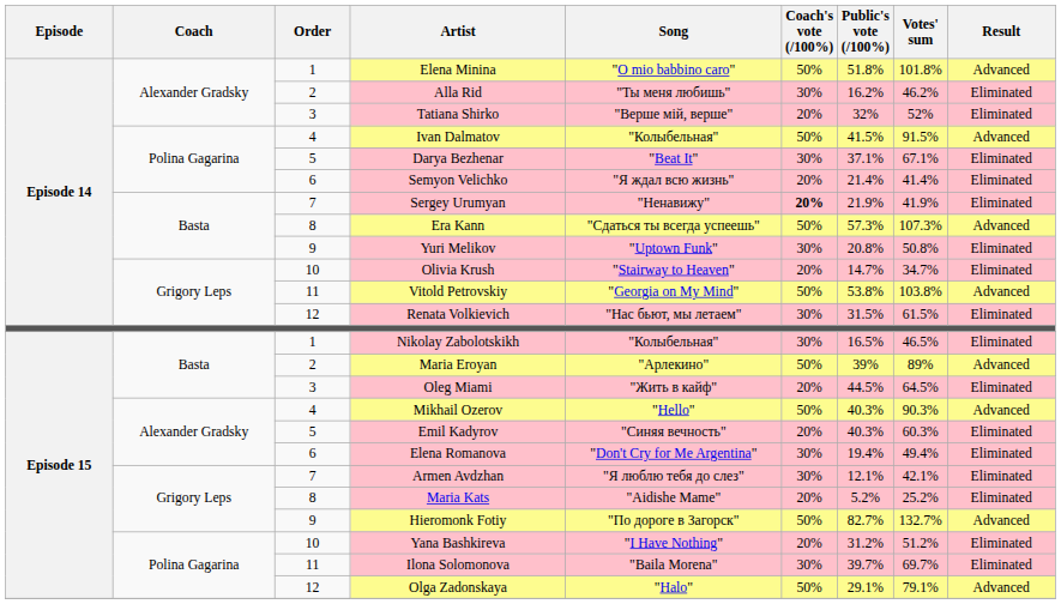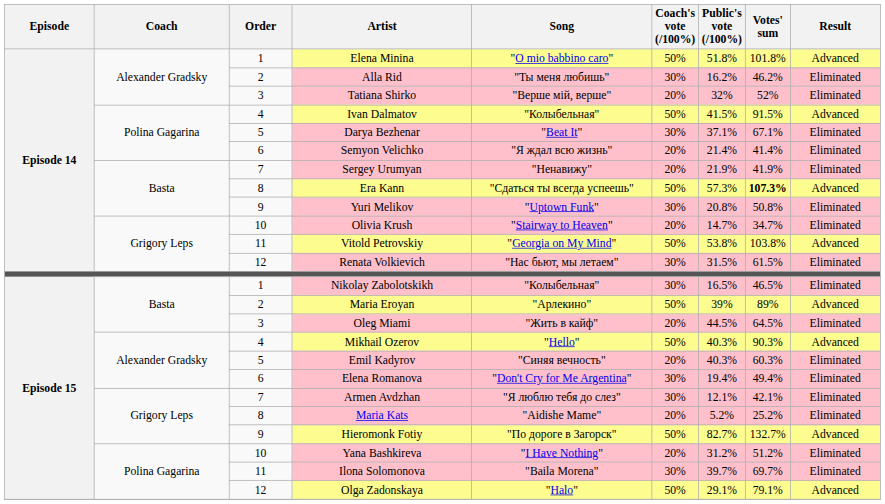 <table class="wikitable" style="text-align:center; width:95%;">
 <tr>
 <th style="width:10%;">Episode</th>
 <th style="width:15%;">Coach</th>
 <th style="width:7%;">Order</th>
 <th style="width:20%;">Artist</th>
 <th style="width:20%;">Song</th>
 <th style="width:5%;">Coach's vote (/100%)</th>
 <th style="width:5%;">Public's vote (/100%)</th>
 <th style="width:5%;">Votes' sum</th>
 <th style="width:10%;">Result</th>
 </tr>
 <tr>
 <th rowspan=12><strong>Episode 14</strong> <br><small></small></th>
 <td rowspan="3">Alexander Gradsky</td>
 <td>1</td>
 <td style="background:#fdfc8f;">Elena Minina</td>
 <td style="background:#fdfc8f;">"<a href='#'>O mio babbino caro</a>"</td>
 <td style="background:#fdfc8f;">50%</td>
 <td style="background:#fdfc8f;">51.8%</td>
 <td style="background:#fdfc8f;">101.8%</td>
 <td style="background:#fdfc8f;">Advanced</td>
 </tr>
 <tr>
 <td>2</td>
 <td style="background:pink;">Alla Rid</td>
 <td style="background:pink;">"Ты меня любишь"</td>
 <td style="background:pink;">30%</td>
 <td style="background:pink;">16.2%</td>
 <td style="background:pink;">46.2%</td>
 <td style="background:pink;">Eliminated</td>
 </tr>
 <tr>
 <td>3</td>
 <td style="background:pink;">Tatiana Shirko</td>
 <td style="background:pink;">"Верше мiй, верше"</td>
 <td style="background:pink;">20%</td>
 <td style="background:pink;">32%</td>
 <td style="background:pink;">52%</td>
 <td style="background:pink;">Eliminated</td>
 </tr>
 <tr>
 <td rowspan="3">Polina Gagarina</td>
 <td>4</td>
 <td style="background:#fdfc8f;">Ivan Dalmatov</td>
 <td style="background:#fdfc8f;">"Колыбельная"</td>
 <td style="background:#fdfc8f;">50%</td>
 <td style="background:#fdfc8f;">41.5%</td>
 <td style="background:#fdfc8f;">91.5%</td>
 <td style="background:#fdfc8f;">Advanced</td>
 </tr>
 <tr>
 <td>5</td>
 <td style="background:pink;">Darya Bezhenar</td>
 <td style="background:pink;">"<a href='#'>Beat It</a>"</td>
 <td style="background:pink;">30%</td>
 <td style="background:pink;">37.1%</td>
 <td style="background:pink;">67.1%</td>
 <td style="background:pink;">Eliminated</td>
 </tr>
 <tr>
 <td>6</td>
 <td style="background:pink;">Semyon Velichko</td>
 <td style="background:pink;">"Я ждал всю жизнь"</td>
 <td style="background:pink;">20%</td>
 <td style="background:pink;">21.4%</td>
 <td style="background:pink;">41.4%</td>
 <td style="background:pink;">Eliminated</td>
 </tr>
 <tr>
 <td rowspan="3">Basta</td>
 <td>7</td>
 <td style="background:pink;">Sergey Urumyan</td>
 <td style="background:pink;">"Ненавижу"</td>
-<td style="background:pink;"><strong>20%</strong></td>
+<td style="background:pink;">20%</td>
 <td style="background:pink;">21.9%</td>
 <td style="background:pink;">41.9%</td>
 <td style="background:pink;">Eliminated</td>
 </tr>
 <tr>
 <td>8</td>
 <td style="background:#fdfc8f;">Era Kann</td>
 <td style="background:#fdfc8f;">"Сдаться ты всегда успеешь"</td>
 <td style="background:#fdfc8f;">50%</td>
 <td style="background:#fdfc8f;">57.3%</td>
-<td style="background:#fdfc8f;">107.3%</td>
+<td style="background:#fdfc8f;"><strong>107.3%</strong></td>
 <td style="background:#fdfc8f;">Advanced</td>
 </tr>
 <tr>
 <td>9</td>
 <td style="background:pink;">Yuri Melikov</td>
 <td style="background:pink;">"<a href='#'>Uptown Funk</a>"</td>
 <td style="background:pink;">30%</td>
 <td style="background:pink;">20.8%</td>
 <td style="background:pink;">50.8%</td>
 <td style="background:pink;">Eliminated</td>
 </tr>
 <tr>
 <td rowspan="3">Grigory Leps</td>
 <td>10</td>
 <td style="background:pink;">Olivia Krush</td>
 <td style="background:pink;">"<a href='#'>Stairway to Heaven</a>"</td>
 <td style="background:pink;">20%</td>
 <td style="background:pink;">14.7%</td>
 <td style="background:pink;">34.7%</td>
 <td style="background:pink;">Eliminated</td>
 </tr>
 <tr>
 <td>11</td>
 <td style="background:#fdfc8f;">Vitold Petrovskiy</td>
 <td style="background:#fdfc8f;">"<a href='#'>Georgia on My Mind</a>"</td>
 <td style="background:#fdfc8f;">50%</td>
 <td style="background:#fdfc8f;">53.8%</td>
 <td style="background:#fdfc8f;">103.8%</td>
 <td style="background:#fdfc8f;">Advanced</td>
 </tr>
 <tr>
 <td>12</td>
 <td style="background:pink;">Renata Volkievich</td>
 <td style="background:pink;">"Нас бьют, мы летаем"</td>
 <td style="background:pink;">30%</td>
 <td style="background:pink;">31.5%</td>
 <td style="background:pink;">61.5%</td>
 <td style="background:pink;">Eliminated</td>
 </tr>
 <tr>
 <td colspan="10" style="background:#555555;"></td>
 </tr>
 <tr>
 <th rowspan=13><strong>Episode 15</strong> <br><small></small></th>
 </tr>
 <tr>
 <td rowspan="3">Basta</td>
 <td>1</td>
 <td style="background:pink;">Nikolay Zabolotskikh</td>
 <td style="background:pink;">"Колыбельная"</td>
 <td style="background:pink;">30%</td>
 <td style="background:pink;">16.5%</td>
 <td style="background:pink;">46.5%</td>
 <td style="background:pink;">Eliminated</td>
 </tr>
 <tr>
 <td>2</td>
 <td style="background:#fdfc8f;">Maria Eroyan</td>
 <td style="background:#fdfc8f;">"Арлекино"</td>
 <td style="background:#fdfc8f;">50%</td>
 <td style="background:#fdfc8f;">39%</td>
 <td style="background:#fdfc8f;">89%</td>
 <td style="background:#fdfc8f;">Advanced</td>
 </tr>
 <tr>
 <td>3</td>
 <td style="background:pink;">Oleg Miami</td>
 <td style="background:pink;">"Жить в кайф"</td>
 <td style="background:pink;">20%</td>
 <td style="background:pink;">44.5%</td>
 <td style="background:pink;">64.5%</td>
 <td style="background:pink;">Eliminated</td>
 </tr>
 <tr>
 <td rowspan="3">Alexander Gradsky</td>
 <td>4</td>
 <td style="background:#fdfc8f;">Mikhail Ozerov</td>
 <td style="background:#fdfc8f;">"<a href='#'>Hello</a>"</td>
 <td style="background:#fdfc8f;">50%</td>
 <td style="background:#fdfc8f;">40.3%</td>
 <td style="background:#fdfc8f;">90.3%</td>
 <td style="background:#fdfc8f;">Advanced</td>
 </tr>
 <tr>
 <td>5</td>
 <td style="background:pink;">Emil Kadyrov</td>
 <td style="background:pink;">"Синяя вечность"</td>
 <td style="background:pink;">20%</td>
 <td style="background:pink;">40.3%</td>
 <td style="background:pink;">60.3%</td>
 <td style="background:pink;">Eliminated</td>
 </tr>
 <tr>
 <td>6</td>
 <td style="background:pink;">Elena Romanova</td>
 <td style="background:pink;">"<a href='#'>Don't Cry for Me Argentina</a>"</td>
 <td style="background:pink;">30%</td>
 <td style="background:pink;">19.4%</td>
 <td style="background:pink;">49.4%</td>
 <td style="background:pink;">Eliminated</td>
 </tr>
 <tr>
 <td rowspan="3">Grigory Leps</td>
 <td>7</td>
 <td style="background:pink;">Armen Avdzhan</td>
 <td style="background:pink;">"Я люблю тебя до слез"</td>
 <td style="background:pink;">30%</td>
 <td style="background:pink;">12.1%</td>
 <td style="background:pink;">42.1%</td>
 <td style="background:pink;">Eliminated</td>
 </tr>
 <tr>
 <td>8</td>
 <td style="background:pink;"><a href='#'>Maria Kats</a></td>
 <td style="background:pink;">"Aidishe Mame"</td>
 <td style="background:pink;">20%</td>
 <td style="background:pink;">5.2%</td>
 <td style="background:pink;">25.2%</td>
 <td style="background:pink;">Eliminated</td>
 </tr>
 <tr>
 <td>9</td>
 <td style="background:#fdfc8f;">Hieromonk Fotiy</td>
 <td style="background:#fdfc8f;">"По дороге в Загорск"</td>
 <td style="background:#fdfc8f;">50%</td>
 <td style="background:#fdfc8f;">82.7%</td>
 <td style="background:#fdfc8f;">132.7%</td>
 <td style="background:#fdfc8f;">Advanced</td>
 </tr>
 <tr>
 <td rowspan="3">Polina Gagarina</td>
 <td>10</td>
 <td style="background:pink;">Yana Bashkireva</td>
 <td style="background:pink;">"<a href='#'>I Have Nothing</a>"</td>
 <td style="background:pink;">20%</td>
 <td style="background:pink;">31.2%</td>
 <td style="background:pink;">51.2%</td>
 <td style="background:pink;">Eliminated</td>
 </tr>
 <tr>
 <td>11</td>
 <td style="background:pink;">Ilona Solomonova</td>
 <td style="background:pink;">"Baila Morena"</td>
 <td style="background:pink;">30%</td>
 <td style="background:pink;">39.7%</td>
 <td style="background:pink;">69.7%</td>
 <td style="background:pink;">Eliminated</td>
 </tr>
 <tr>
 <td>12</td>
 <td style="background:#fdfc8f;">Olga Zadonskaya</td>
 <td style="background:#fdfc8f;">"<a href='#'>Halo</a>"</td>
 <td style="background:#fdfc8f;">50%</td>
 <td style="background:#fdfc8f;">29.1%</td>
 <td style="background:#fdfc8f;">79.1%</td>
 <td style="background:#fdfc8f;">Advanced</td>
 </tr>
 <tr>
 </tr>
 </table>
